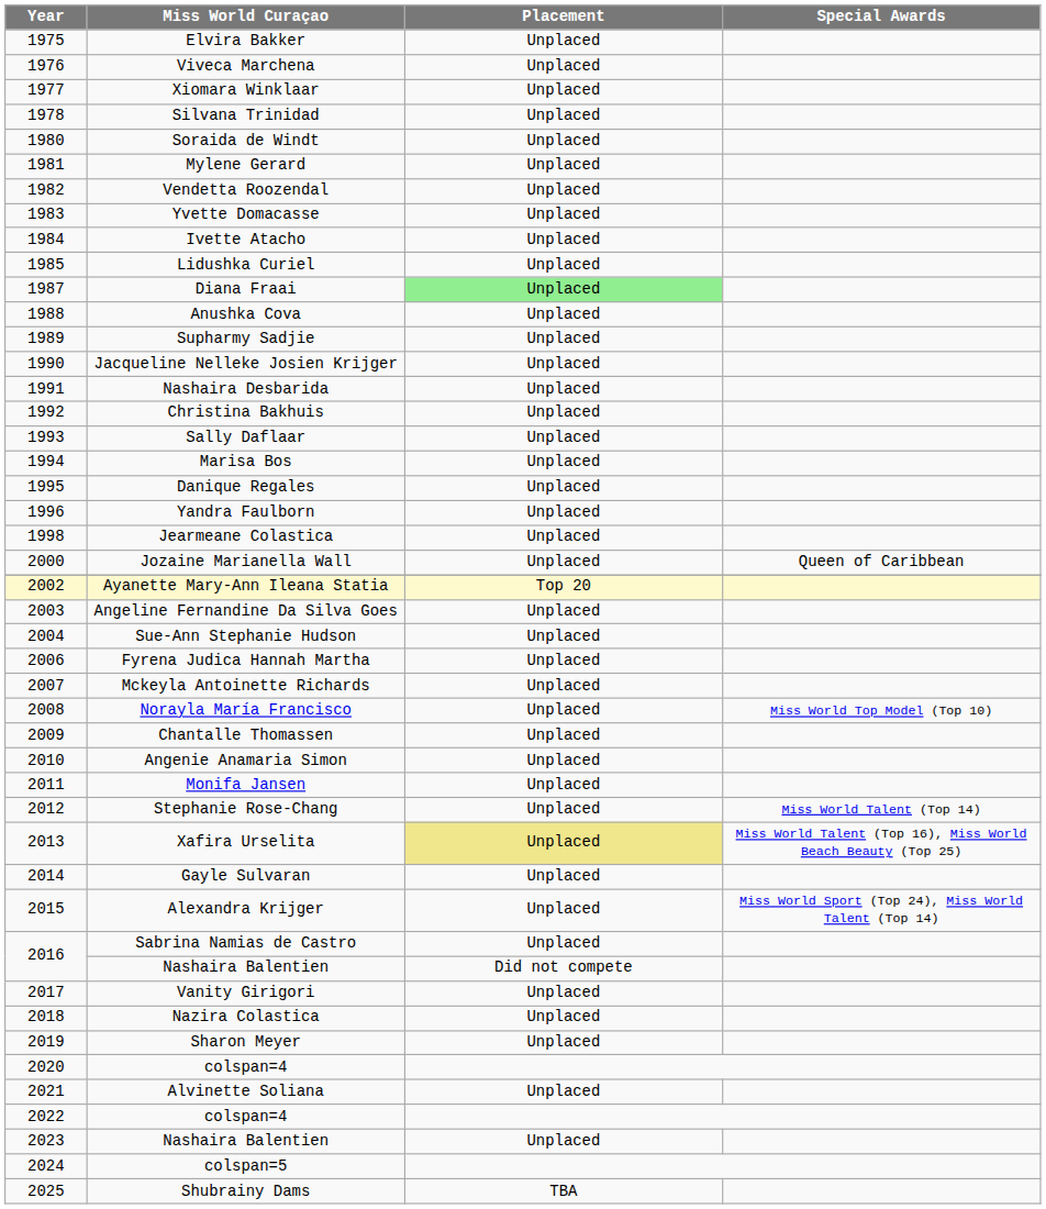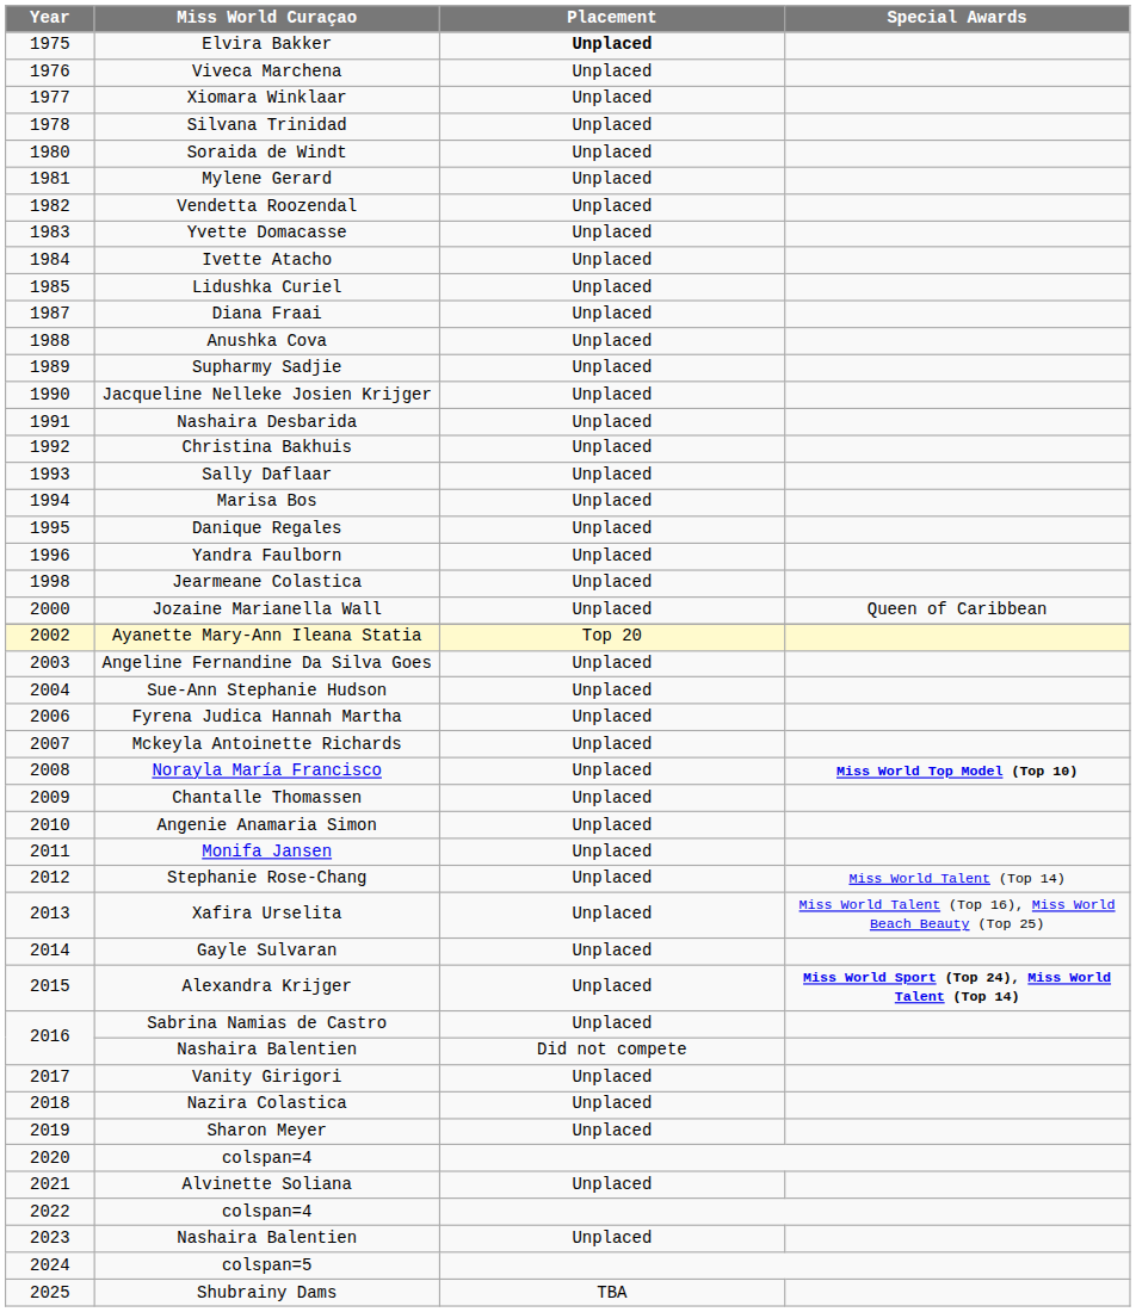 <table class="wikitable sortable" style="font-size: 95%; text-align:center">
 <tr>
 <th width="60" style="background-color:#787878;color:#FFFFFF;">Year</th>
 <th width="250" style="background-color:#787878;color:#FFFFFF;">Miss World Curaçao</th>
 <th width="250" style="background-color:#787878;color:#FFFFFF;">Placement</th>
 <th width="250" style="background-color:#787878;color:#FFFFFF;">Special Awards</th>
 </tr>
 <tr>
 <td>1975</td>
 <td>Elvira Bakker</td>
-<td>Unplaced</td>
+<td><strong>Unplaced</strong></td>
 <td></td>
 </tr>
 <tr>
 <td>1976</td>
 <td>Viveca Marchena</td>
 <td>Unplaced</td>
 <td></td>
 </tr>
 <tr>
 <td>1977</td>
 <td>Xiomara Winklaar</td>
 <td>Unplaced</td>
 <td></td>
 </tr>
 <tr>
 <td>1978</td>
 <td>Silvana Trinidad</td>
 <td>Unplaced</td>
 <td></td>
 </tr>
 <tr>
 <td>1980</td>
 <td>Soraida de Windt</td>
 <td>Unplaced</td>
 <td></td>
 </tr>
 <tr>
 <td>1981</td>
 <td>Mylene Gerard</td>
 <td>Unplaced</td>
 <td></td>
 </tr>
 <tr>
 <td>1982</td>
 <td>Vendetta Roozendal</td>
 <td>Unplaced</td>
 <td></td>
 </tr>
 <tr>
 <td>1983</td>
 <td>Yvette Domacasse</td>
 <td>Unplaced</td>
 <td></td>
 </tr>
 <tr>
 <td>1984</td>
 <td>Ivette Atacho</td>
 <td>Unplaced</td>
 <td></td>
 </tr>
 <tr>
 <td>1985</td>
 <td>Lidushka Curiel</td>
 <td>Unplaced</td>
 <td></td>
 </tr>
 <tr>
 <td>1987</td>
 <td>Diana Fraai</td>
-<td style="background: lightgreen;">Unplaced</td>
+<td>Unplaced</td>
 <td></td>
 </tr>
 <tr>
 <td>1988</td>
 <td>Anushka Cova</td>
 <td>Unplaced</td>
 <td></td>
 </tr>
 <tr>
 <td>1989</td>
 <td>Supharmy Sadjie</td>
 <td>Unplaced</td>
 <td></td>
 </tr>
 <tr>
 <td>1990</td>
 <td>Jacqueline Nelleke Josien Krijger</td>
 <td>Unplaced</td>
 <td></td>
 </tr>
 <tr>
 <td>1991</td>
 <td>Nashaira Desbarida</td>
 <td>Unplaced</td>
 <td></td>
 </tr>
 <tr>
 <td>1992</td>
 <td>Christina Bakhuis</td>
 <td>Unplaced</td>
 <td></td>
 </tr>
 <tr>
 <td>1993</td>
 <td>Sally Daflaar</td>
 <td>Unplaced</td>
 <td></td>
 </tr>
 <tr>
 <td>1994</td>
 <td>Marisa Bos</td>
 <td>Unplaced</td>
 <td></td>
 </tr>
 <tr>
 <td>1995</td>
 <td>Danique Regales</td>
 <td>Unplaced</td>
 <td></td>
 </tr>
 <tr>
 <td>1996</td>
 <td>Yandra Faulborn</td>
 <td>Unplaced</td>
 <td></td>
 </tr>
 <tr>
 <td>1998</td>
 <td>Jearmeane Colastica</td>
 <td>Unplaced</td>
 <td></td>
 </tr>
 <tr>
 <td>2000</td>
 <td>Jozaine Marianella Wall</td>
 <td>Unplaced</td>
 <td>Queen of Caribbean</td>
 </tr>
 <tr>
 </tr>
 <tr style="background-color:#FFFACD;">
 <td>2002</td>
 <td>Ayanette Mary-Ann Ileana Statia</td>
 <td>Top 20</td>
 <td></td>
 </tr>
 <tr>
 <td>2003</td>
 <td>Angeline Fernandine Da Silva Goes</td>
 <td>Unplaced</td>
 <td></td>
 </tr>
 <tr>
 <td>2004</td>
 <td>Sue-Ann Stephanie Hudson</td>
 <td>Unplaced</td>
 <td></td>
 </tr>
 <tr>
 <td>2006</td>
 <td>Fyrena Judica Hannah Martha</td>
 <td>Unplaced</td>
 <td></td>
 </tr>
 <tr>
 <td>2007</td>
 <td>Mckeyla Antoinette Richards</td>
 <td>Unplaced</td>
 <td></td>
 </tr>
 <tr>
 <td>2008</td>
 <td><a href='#'>Norayla María Francisco</a></td>
 <td>Unplaced</td>
-<td><small><a href='#'>Miss World Top Model</a> (Top 10)</small></td>
+<td><strong><small><a href='#'>Miss World Top Model</a> (Top 10)</small></strong></td>
 </tr>
 <tr>
 <td>2009</td>
 <td>Chantalle Thomassen</td>
 <td>Unplaced</td>
 <td></td>
 </tr>
 <tr>
 <td>2010</td>
 <td>Angenie Anamaria Simon</td>
 <td>Unplaced</td>
 <td></td>
 </tr>
 <tr>
 <td>2011</td>
 <td><a href='#'>Monifa Jansen</a></td>
 <td>Unplaced</td>
 <td></td>
 </tr>
 <tr>
 <td>2012</td>
 <td>Stephanie Rose-Chang</td>
 <td>Unplaced</td>
 <td><small><a href='#'>Miss World Talent</a> (Top 14)</small></td>
 </tr>
 <tr>
 <td>2013</td>
 <td>Xafira Urselita</td>
-<td style="background: khaki;">Unplaced</td>
+<td>Unplaced</td>
 <td><small><a href='#'>Miss World Talent</a> (Top 16), <a href='#'>Miss World Beach Beauty</a> (Top 25)</small></td>
 </tr>
 <tr>
 <td>2014</td>
 <td>Gayle Sulvaran</td>
 <td>Unplaced</td>
 <td></td>
 </tr>
 <tr>
 <td>2015</td>
 <td>Alexandra Krijger</td>
 <td>Unplaced</td>
-<td><small><a href='#'>Miss World Sport</a> (Top 24), <a href='#'>Miss World Talent</a> (Top 14)</small></td>
+<td><strong><small><a href='#'>Miss World Sport</a> (Top 24), <a href='#'>Miss World Talent</a> (Top 14)</small></strong></td>
 </tr>
 <tr>
 <td colspan="1" ! rowspan="2">2016</td>
 <td>Sabrina Namias de Castro</td>
 <td>Unplaced</td>
 <td></td>
 </tr>
 <tr>
 <td>Nashaira Balentien</td>
 <td>Did not compete</td>
 <td></td>
 </tr>
 <tr>
 <td>2017</td>
 <td>Vanity Girigori</td>
 <td>Unplaced</td>
 <td></td>
 </tr>
 <tr>
 <td>2018</td>
 <td>Nazira Colastica</td>
 <td>Unplaced</td>
 <td></td>
 </tr>
 <tr>
 <td>2019</td>
 <td>Sharon Meyer</td>
 <td>Unplaced</td>
 <td></td>
 </tr>
 <tr>
 <td>2020</td>
 <td>colspan=4 </td>
 </tr>
 <tr>
 <td>2021</td>
 <td>Alvinette Soliana</td>
 <td>Unplaced</td>
 <td></td>
 </tr>
 <tr>
 <td>2022</td>
 <td>colspan=4 </td>
 </tr>
 <tr>
 <td>2023</td>
 <td>Nashaira Balentien</td>
 <td>Unplaced</td>
 <td></td>
 </tr>
 <tr>
 <td>2024</td>
 <td>colspan=5 </td>
 </tr>
 <tr>
 <td>2025</td>
 <td>Shubrainy Dams</td>
 <td>TBA</td>
 <td></td>
 </tr>
 </table>
